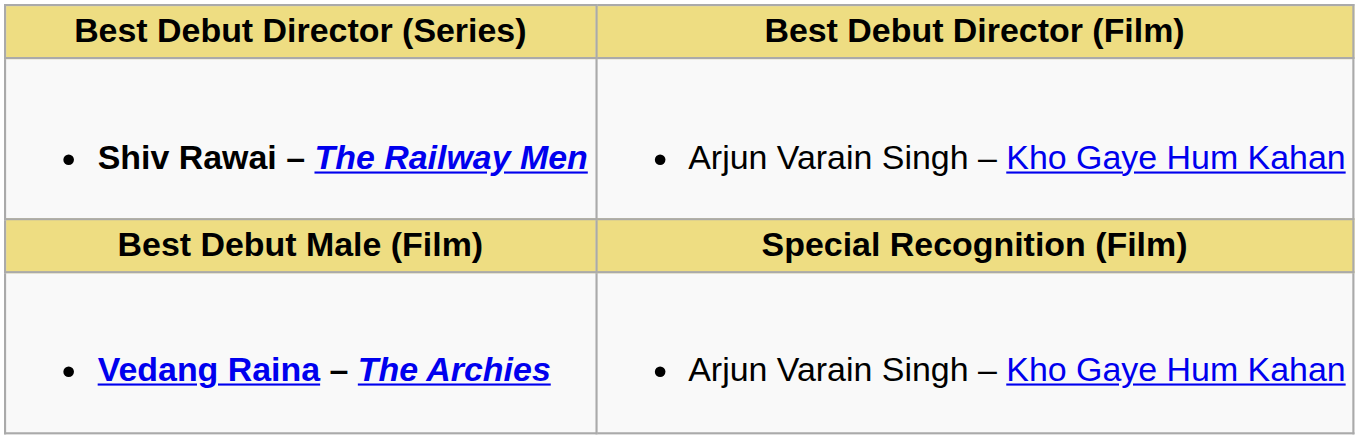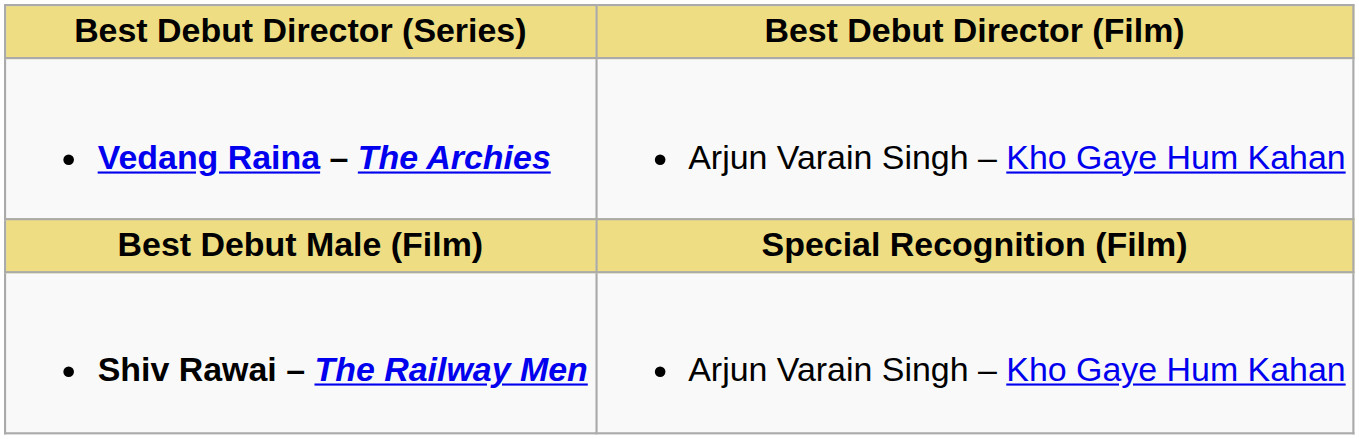 <table class="wikitable">
 <tr>
 <th colspan=1 style="background:#EEDD82;">Best Debut Director (Series)</th>
 <th colspan=1 style="background:#EEDD82;">Best Debut Director (Film)</th>
 </tr>
 <tr>
-<td colspan=1><br><ul><li><strong>Shiv Rawai – <em><a href='#'>The Railway Men</a><strong><em></li></ul></td>
-<td><br><ul><li></strong>Arjun Varain Singh – </em><a href='#'>Kho Gaye Hum Kahan</a></em></strong></li></ul></td>
+<td colspan=1><br><ul><li><strong><a href='#'>Vedang Raina</a> – <em><a href='#'>The Archies</a><strong><em></li></ul></td>
+<td colspan=1><br><ul><li></strong>Arjun Varain Singh – </em><a href='#'>Kho Gaye Hum Kahan</a></em></strong></li></ul></td>
 </tr>
 <tr>
 <th colspan=1 style="background:#EEDD82;">Best Debut Male (Film)</th>
 <th colspan=1 style="background:#EEDD82;">Special Recognition (Film)</th>
 </tr>
 <tr>
-<td colspan=1><br><ul><li><strong><a href='#'>Vedang Raina</a> – <em><a href='#'>The Archies</a><strong><em></li></ul></td>
-<td colspan=1><br><ul><li></strong>Arjun Varain Singh – </em><a href='#'>Kho Gaye Hum Kahan</a></em></strong></li></ul></td>
+<td colspan=1><br><ul><li><strong>Shiv Rawai – <em><a href='#'>The Railway Men</a><strong><em></li></ul></td>
+<td><br><ul><li></strong>Arjun Varain Singh – </em><a href='#'>Kho Gaye Hum Kahan</a></em></strong></li></ul></td>
 </tr>
 </table>
